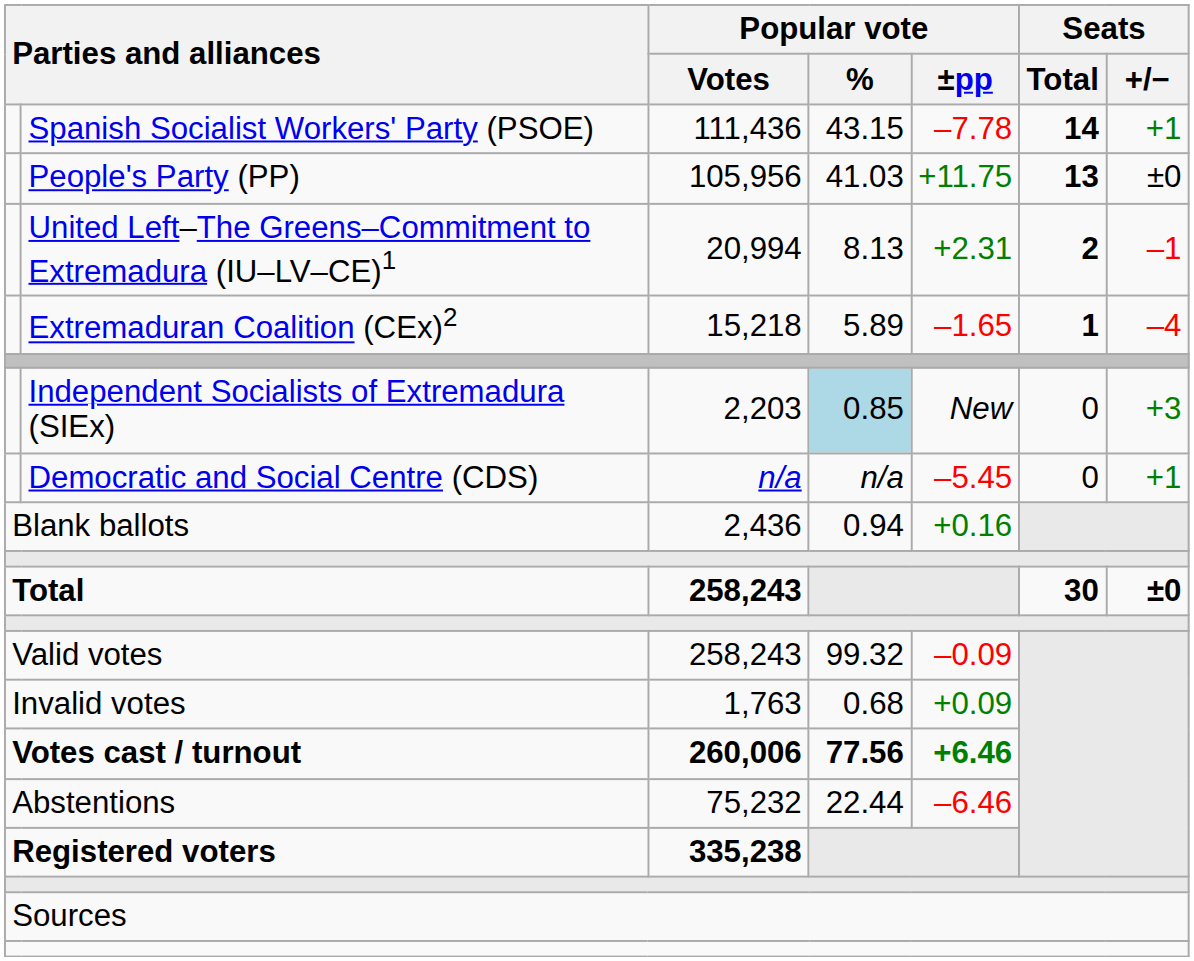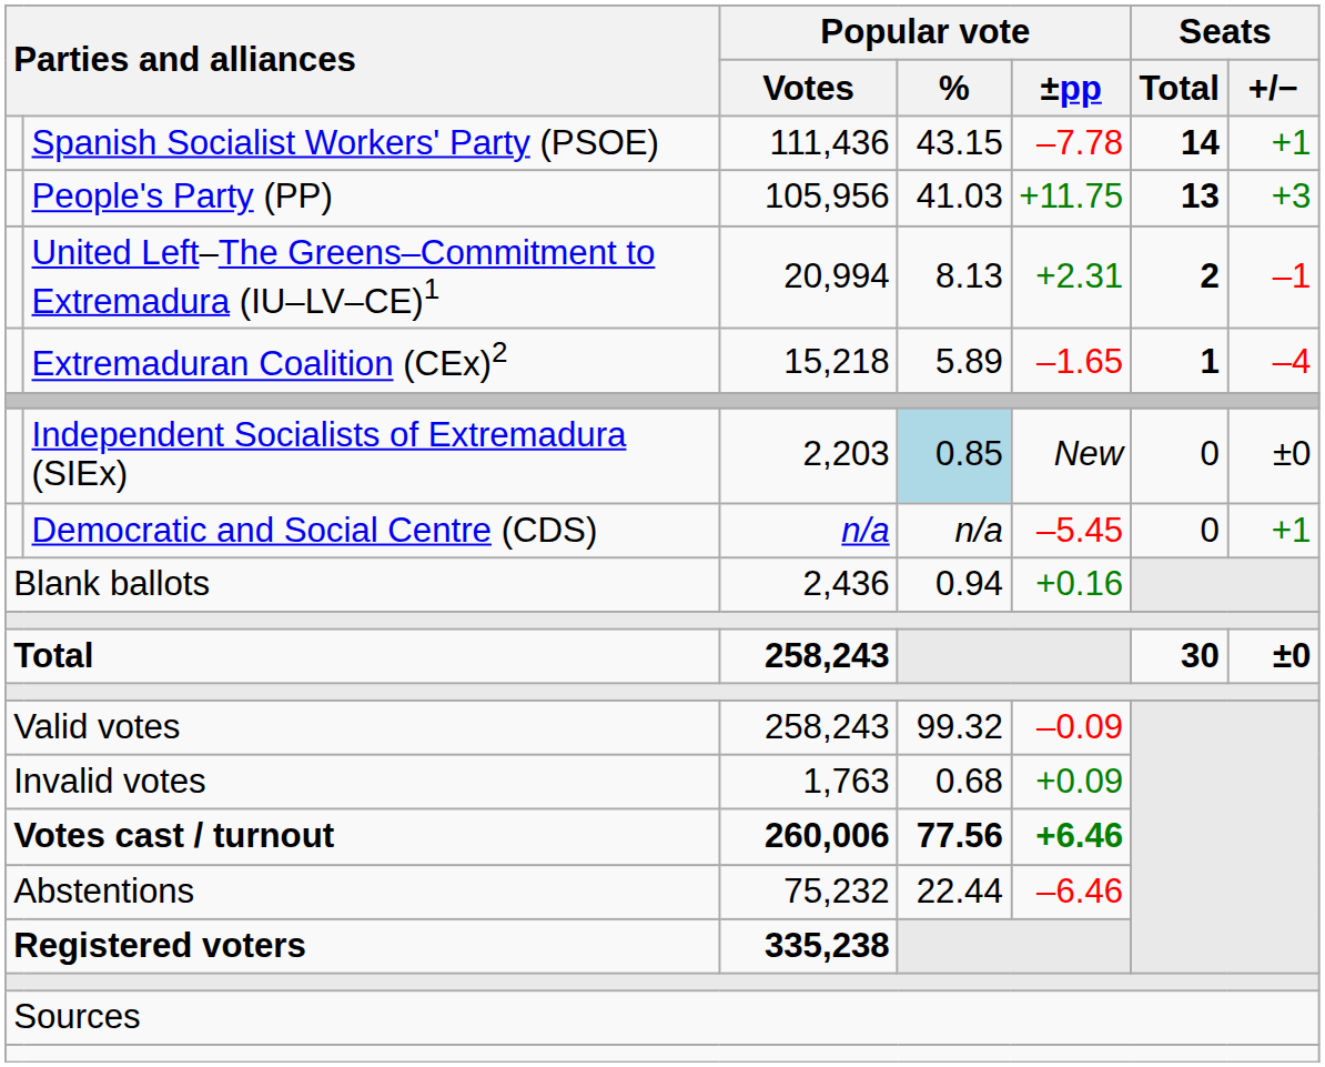 <table class="wikitable" style="text-align:right;">
 <tr>
 <th style="text-align:left;" rowspan="2" colspan="2" width="525">Parties and alliances</th>
 <th colspan="3">Popular vote</th>
 <th colspan="2">Seats</th>
 </tr>
 <tr>
 <th width="75">Votes</th>
 <th width="45">%</th>
 <th width="45">±<a href='#'>pp</a></th>
 <th width="35">Total</th>
 <th width="35">+/−</th>
 </tr>
 <tr>
 <td width="1" style="color:inherit;background:"></td>
 <td align="left"><a href='#'>Spanish Socialist Workers' Party</a> (PSOE)</td>
 <td>111,436</td>
 <td>43.15</td>
 <td style="color:red;">–7.78</td>
 <td><strong>14</strong></td>
 <td style="color:green;">+1</td>
 </tr>
 <tr>
 <td style="color:inherit;background:"></td>
 <td align="left"><a href='#'>People's Party</a> (PP)</td>
 <td>105,956</td>
 <td>41.03</td>
 <td style="color:green;">+11.75</td>
 <td><strong>13</strong></td>
-<td>±0</td>
+<td style="color:green;">+3</td>
 </tr>
 <tr>
 <td style="color:inherit;background:"></td>
 <td align="left"><a href='#'>United Left</a>–<a href='#'>The Greens–Commitment to Extremadura</a> (IU–LV–CE)<sup>1</sup></td>
 <td>20,994</td>
 <td>8.13</td>
 <td style="color:green;">+2.31</td>
 <td><strong>2</strong></td>
 <td style="color:red;">–1</td>
 </tr>
 <tr>
 <td style="color:inherit;background:"></td>
 <td align="left"><a href='#'>Extremaduran Coalition</a> (CEx)<sup>2</sup></td>
 <td>15,218</td>
 <td>5.89</td>
 <td style="color:red;">–1.65</td>
 <td><strong>1</strong></td>
 <td style="color:red;">–4</td>
 </tr>
 <tr>
 <td colspan="7" bgcolor="#C0C0C0"></td>
 </tr>
 <tr>
 <td style="color:inherit;background:"></td>
 <td align="left"><a href='#'>Independent Socialists of Extremadura</a> (SIEx)</td>
 <td>2,203</td>
 <td style="background: lightblue;">0.85</td>
 <td><em>New</em></td>
 <td>0</td>
-<td style="color:green;">+3</td>
+<td>±0</td>
 </tr>
 <tr>
 <td style="color:inherit;background:"></td>
 <td align="left"><a href='#'>Democratic and Social Centre</a> (CDS)</td>
 <td><em><a href='#'>n/a</a></em></td>
 <td><em>n/a</em></td>
 <td style="color:red;">–5.45</td>
 <td>0</td>
 <td style="color:green;">+1</td>
 </tr>
 <tr>
 <td align="left" colspan="2">Blank ballots</td>
 <td>2,436</td>
 <td>0.94</td>
 <td style="color:green;">+0.16</td>
 <td bgcolor="#E9E9E9" colspan="2"></td>
 </tr>
 <tr>
 <td colspan="7" bgcolor="#E9E9E9"></td>
 </tr>
 <tr style="font-weight:bold;">
 <td align="left" colspan="2">Total</td>
 <td>258,243</td>
 <td bgcolor="#E9E9E9" colspan="2"></td>
 <td>30</td>
 <td>±0</td>
 </tr>
 <tr>
 <td colspan="7" bgcolor="#E9E9E9"></td>
 </tr>
 <tr>
 <td align="left" colspan="2">Valid votes</td>
 <td>258,243</td>
 <td>99.32</td>
 <td style="color:red;">–0.09</td>
 <td bgcolor="#E9E9E9" colspan="2" rowspan="5"></td>
 </tr>
 <tr>
 <td align="left" colspan="2">Invalid votes</td>
 <td>1,763</td>
 <td>0.68</td>
 <td style="color:green;">+0.09</td>
 </tr>
 <tr style="font-weight:bold;">
 <td align="left" colspan="2">Votes cast / turnout</td>
 <td>260,006</td>
 <td>77.56</td>
 <td style="color:green;">+6.46</td>
 </tr>
 <tr>
 <td align="left" colspan="2">Abstentions</td>
 <td>75,232</td>
 <td>22.44</td>
 <td style="color:red;">–6.46</td>
 </tr>
 <tr style="font-weight:bold;">
 <td align="left" colspan="2">Registered voters</td>
 <td>335,238</td>
 <td bgcolor="#E9E9E9" colspan="2"></td>
 </tr>
 <tr>
 <td colspan="7" bgcolor="#E9E9E9"></td>
 </tr>
 <tr>
 <td align="left" colspan="7">Sources</td>
 </tr>
 <tr>
 <td colspan="7" style="text-align:left; max-width:790px;"></td>
 </tr>
 </table>
